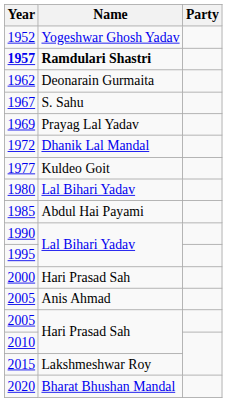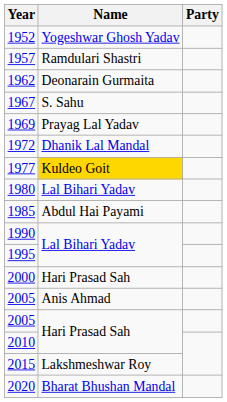 <table class="wikitable sortable">
 <tr>
 <th>Year</th>
 <th>Name</th>
 <th colspan="2">Party</th>
 </tr>
 <tr>
 <td><a href='#'>1952</a></td>
 <td><a href='#'>Yogeshwar Ghosh Yadav</a></td>
 <td></td>
 </tr>
 <tr>
-<td><strong><a href='#'>1957</a></strong></td>
-<td><strong>Ramdulari Shastri</strong></td>
+<td><a href='#'>1957</a></td>
+<td>Ramdulari Shastri</td>
 </tr>
 <tr>
 <td><a href='#'>1962</a></td>
 <td>Deonarain Gurmaita</td>
 <td></td>
 </tr>
 <tr>
 <td><a href='#'>1967</a></td>
 <td>S. Sahu</td>
 <td></td>
 </tr>
 <tr>
 <td><a href='#'>1969</a></td>
 <td>Prayag Lal Yadav</td>
 <td></td>
 </tr>
 <tr>
 <td><a href='#'>1972</a></td>
 <td><a href='#'>Dhanik Lal Mandal</a></td>
 <td></td>
 </tr>
 <tr>
 <td><a href='#'>1977</a></td>
-<td>Kuldeo Goit</td>
+<td style="background: gold;">Kuldeo Goit</td>
 <td></td>
 </tr>
 <tr>
 <td><a href='#'>1980</a></td>
 <td><a href='#'>Lal Bihari Yadav</a></td>
 <td></td>
 </tr>
 <tr>
 <td><a href='#'>1985</a></td>
 <td>Abdul Hai Payami</td>
 <td></td>
 </tr>
 <tr>
 <td><a href='#'>1990</a></td>
 <td rowspan=2><a href='#'>Lal Bihari Yadav</a></td>
 <td></td>
 </tr>
 <tr>
 <td><a href='#'>1995</a></td>
 </tr>
 <tr>
 <td><a href='#'>2000</a></td>
 <td>Hari Prasad Sah</td>
 <td></td>
 </tr>
 <tr>
 <td><a href='#'>2005</a></td>
 <td>Anis Ahmad</td>
 <td></td>
 </tr>
 <tr>
 <td><a href='#'>2005</a></td>
 <td rowspan="2">Hari Prasad Sah</td>
 <td></td>
 </tr>
 <tr>
 <td><a href='#'>2010</a></td>
 </tr>
 <tr>
 <td><a href='#'>2015</a></td>
 <td>Lakshmeshwar Roy</td>
 </tr>
 <tr>
 <td><a href='#'>2020</a></td>
 <td><a href='#'>Bharat Bhushan Mandal</a></td>
 <td></td>
 </tr>
 </table>
